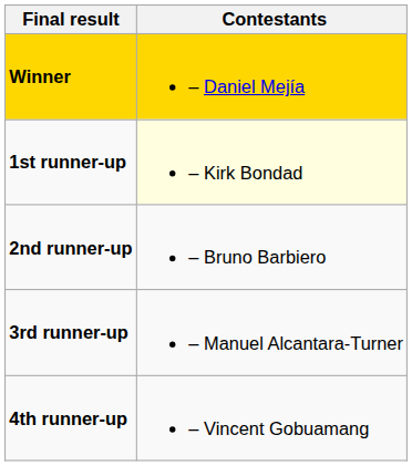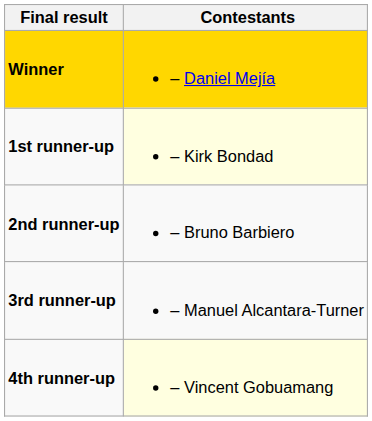 <table class="wikitable sortable" style="font-size:95%;">
 <tr>
 <th>Final result</th>
 <th> Contestants</th>
 </tr>
 <tr style="background:gold;">
 <td><strong>Winner</strong></td>
 <td><br><ul><li> – <a href='#'>Daniel Mejía</a></li></ul></td>
 </tr>
 <tr>
 <td><strong>1st runner-up</strong></td>
 <td style="background: lightyellow;"><br><ul><li> – Kirk Bondad</li></ul></td>
 </tr>
 <tr>
 <td><strong>2nd runner-up</strong></td>
 <td><br><ul><li> – Bruno Barbiero</li></ul></td>
 </tr>
 <tr>
 <td><strong>3rd runner-up</strong></td>
 <td><br><ul><li> – Manuel Alcantara-Turner</li></ul></td>
 </tr>
 <tr>
 <td><strong>4th runner-up</strong></td>
-<td><br><ul><li> – Vincent Gobuamang</li></ul></td>
+<td style="background: lightyellow;"><br><ul><li> – Vincent Gobuamang</li></ul></td>
 </tr>
 </table>
